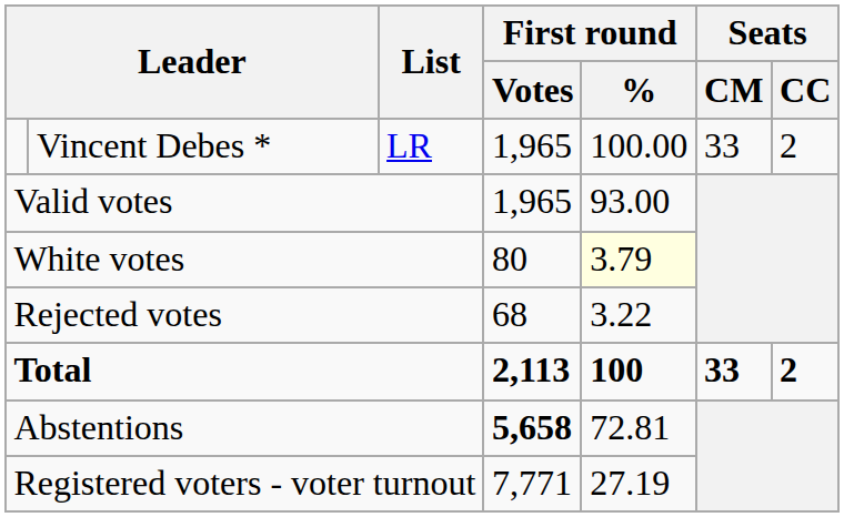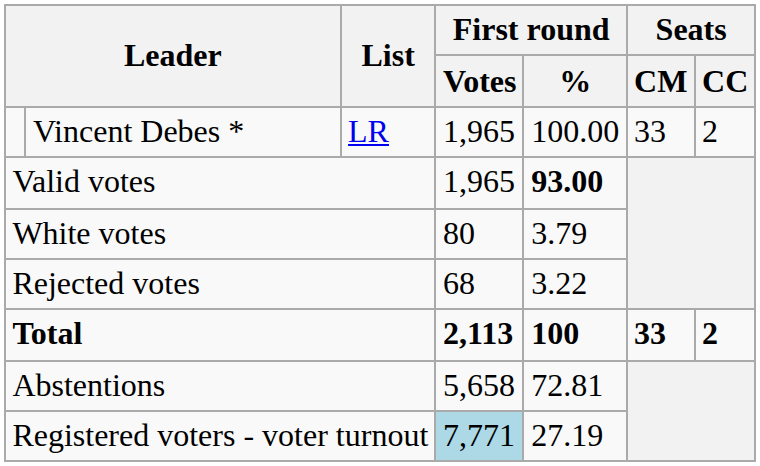 <table class="wikitable">
 <tr>
 <th colspan="2" rowspan="2">Leader</th>
 <th rowspan="2">List</th>
 <th colspan="2">First round</th>
 <th colspan="2">Seats</th>
 </tr>
 <tr>
 <th>Votes</th>
 <th>%</th>
 <th>CM</th>
 <th>CC</th>
 </tr>
 <tr>
 <td bgcolor=></td>
 <td>Vincent Debes *</td>
 <td><a href='#'>LR</a></td>
 <td>1,965</td>
 <td>100.00</td>
 <td>33</td>
 <td>2</td>
 </tr>
 <tr>
 <td colspan="3">Valid votes</td>
 <td>1,965</td>
-<td>93.00</td>
+<td><strong>93.00</strong></td>
 <th colspan="2" rowspan="3"></th>
 </tr>
 <tr>
 <td colspan="3">White votes</td>
 <td>80</td>
-<td style="background: lightyellow;">3.79</td>
+<td>3.79</td>
 </tr>
 <tr>
 <td colspan="3">Rejected votes</td>
 <td>68</td>
 <td>3.22</td>
 </tr>
 <tr>
 <td colspan="3"><strong>Total</strong></td>
 <td><strong>2,113</strong></td>
 <td><strong>100</strong></td>
 <td><strong>33</strong></td>
 <td><strong>2</strong></td>
 </tr>
 <tr>
 <td colspan="3">Abstentions</td>
-<td><strong>5,658</strong></td>
+<td>5,658</td>
 <td>72.81</td>
 <th colspan="2" rowspan="2"></th>
 </tr>
 <tr>
 <td colspan="3">Registered voters - voter turnout</td>
-<td>7,771</td>
+<td style="background: lightblue;">7,771</td>
 <td>27.19</td>
 </tr>
 </table>
